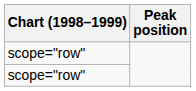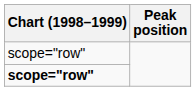 <table class="wikitable sortable">
 <tr>
 <th>Chart (1998–1999)</th>
 <th>Peak<br>position</th>
 </tr>
 <tr>
 <td>scope="row"</td>
 </tr>
 <tr>
-<td>scope="row"</td>
+<td><strong>scope="row"</strong></td>
 </tr>
 </table>
